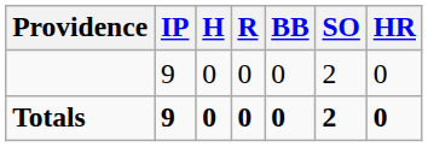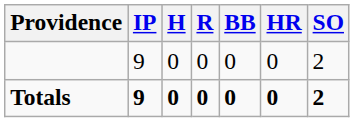 <table class="wikitable sortable">
 <tr>
 <th>Providence</th>
 <th><a href='#'>IP</a></th>
 <th><a href='#'>H</a></th>
 <th><a href='#'>R</a></th>
 <th><a href='#'>BB</a></th>
+<th><a href='#'>HR</a></th>
 <th><a href='#'>SO</a></th>
-<th><a href='#'>HR</a></th>
 </tr>
 <tr>
 <td></td>
 <td>9</td>
 <td>0</td>
 <td>0</td>
 <td>0</td>
+<td>0</td>
 <td>2</td>
-<td>0</td>
 </tr>
 <tr class="sortbottom">
 <td><strong>Totals</strong></td>
 <td><strong>9</strong></td>
 <td><strong>0</strong></td>
 <td><strong>0</strong></td>
 <td><strong>0</strong></td>
+<td><strong>0</strong></td>
 <td><strong>2</strong></td>
-<td><strong>0</strong></td>
 </tr>
 </table>
